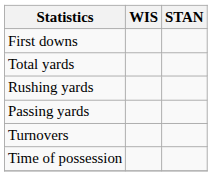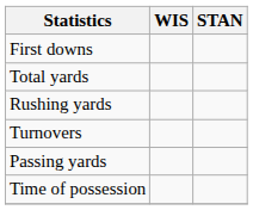 <table class="wikitable" style="float: left;">
 <tr>
 <th>Statistics</th>
 <th>WIS</th>
 <th>STAN</th>
 </tr>
 <tr>
 <td>First downs</td>
 <td></td>
 <td></td>
 </tr>
 <tr>
 <td>Total yards</td>
 <td></td>
 <td></td>
 </tr>
 <tr>
 <td>Rushing yards</td>
 <td></td>
 <td></td>
 </tr>
 <tr>
-<td>Passing yards</td>
+<td>Turnovers</td>
 <td></td>
 <td></td>
 </tr>
 <tr>
-<td>Turnovers</td>
+<td>Passing yards</td>
 <td></td>
 <td></td>
 </tr>
 <tr>
 <td>Time of possession</td>
 <td></td>
 <td></td>
 </tr>
 <tr>
 </tr>
 </table>
